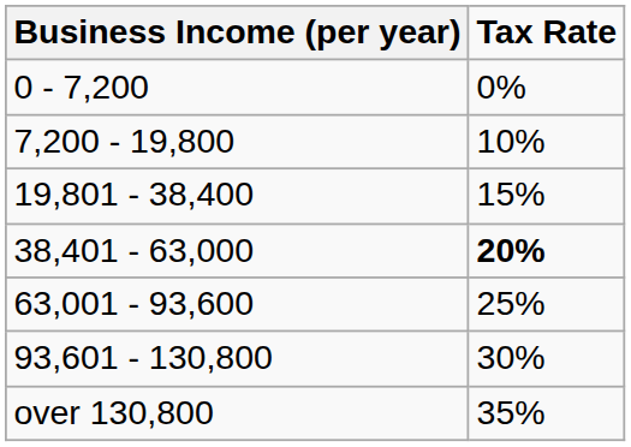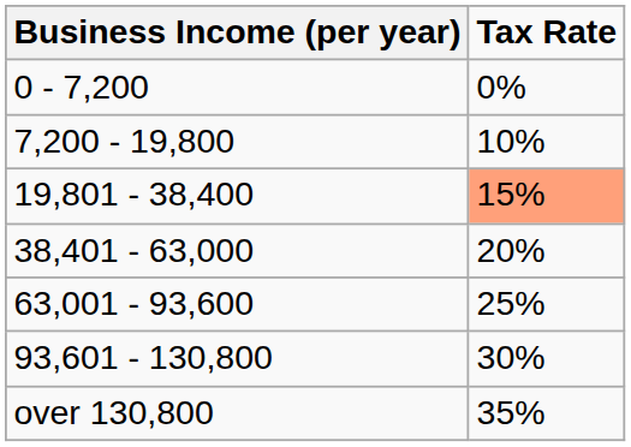 <table class="wikitable sortable mw-collapsible">
 <tr>
 <th><strong>Business Income (per year)</strong></th>
 <td><strong>Tax Rate</strong></td>
 </tr>
 <tr>
 <td>0 - 7,200</td>
 <td>0%</td>
 </tr>
 <tr>
 <td>7,200 - 19,800</td>
 <td>10%</td>
 </tr>
 <tr>
 <td>19,801 - 38,400</td>
-<td>15%</td>
+<td style="background: lightsalmon;">15%</td>
 </tr>
 <tr>
 <td>38,401 - 63,000</td>
-<td><strong>20%</strong></td>
+<td>20%</td>
 </tr>
 <tr>
 <td>63,001 - 93,600</td>
 <td>25%</td>
 </tr>
 <tr>
 <td>93,601 - 130,800</td>
 <td>30%</td>
 </tr>
 <tr>
 <td>over 130,800</td>
 <td>35%</td>
 </tr>
 </table>
